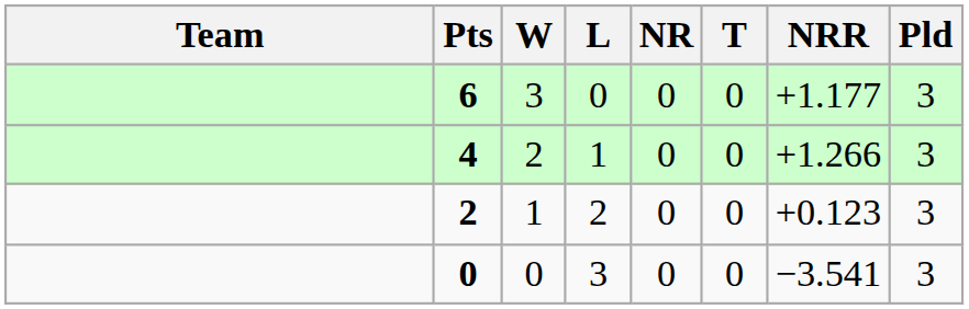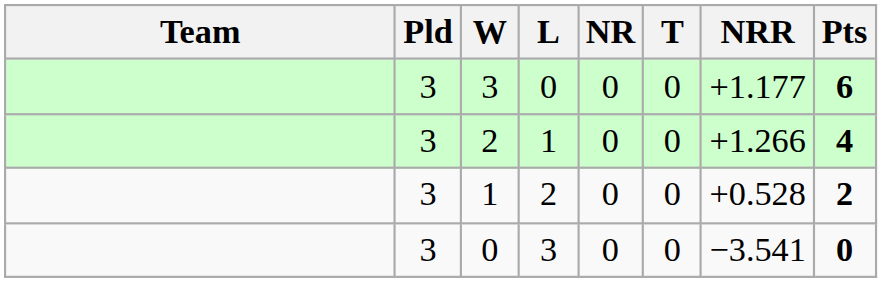 <table class="wikitable" style="text-align:center;">
 <tr>
 <th width=175>Team</th>
-<th style="width:20px;" abbr="Points">Pts</th>
+<th style="width:20px;" abbr="Played">Pld</th>
 <th style="width:20px;" abbr="Won">W</th>
 <th style="width:20px;" abbr="Lost">L</th>
 <th style="width:20px;" abbr="No Result">NR</th>
 <th style="width:20px;" abbr="Tied">T</th>
 <th style="width:20px;" abbr="Net Run Rate">NRR</th>
-<th style="width:20px;" abbr="Played">Pld</th>
+<th style="width:20px;" abbr="Points">Pts</th>
 </tr>
 <tr style="background:#cfc;">
 <td style="text-align:left;"></td>
-<td><strong>6</strong></td>
+<td>3</td>
 <td>3</td>
 <td>0</td>
 <td>0</td>
 <td>0</td>
 <td>+1.177</td>
-<td>3</td>
+<td><strong>6</strong></td>
 </tr>
 <tr style="background:#cfc;">
 <td style="text-align:left;"></td>
-<td><strong>4</strong></td>
+<td>3</td>
 <td>2</td>
 <td>1</td>
 <td>0</td>
 <td>0</td>
 <td>+1.266</td>
-<td>3</td>
+<td><strong>4</strong></td>
 </tr>
 <tr>
 <td style="text-align:left;"></td>
-<td><strong>2</strong></td>
+<td>3</td>
 <td>1</td>
 <td>2</td>
 <td>0</td>
 <td>0</td>
-<td>+0.123</td>
-<td>3</td>
+<td>+0.528</td>
+<td><strong>2</strong></td>
 </tr>
 <tr>
 <td style="text-align:left;"></td>
-<td><strong>0</strong></td>
+<td>3</td>
 <td>0</td>
 <td>3</td>
 <td>0</td>
 <td>0</td>
 <td>−3.541</td>
-<td>3</td>
+<td><strong>0</strong></td>
 </tr>
 </table>
